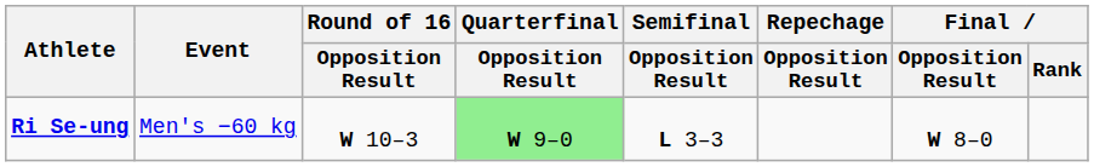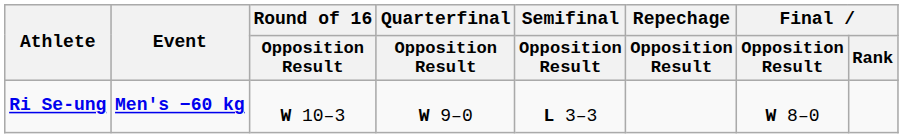 <table class="wikitable" style="font-size:90%">
 <tr>
 <th rowspan=2>Athlete</th>
 <th rowspan=2>Event</th>
 <th>Round of 16</th>
 <th>Quarterfinal</th>
 <th>Semifinal</th>
 <th>Repechage</th>
 <th colspan=2>Final / </th>
 </tr>
 <tr style="font-size: 95%">
 <th>Opposition<br>Result</th>
 <th>Opposition<br>Result</th>
 <th>Opposition<br>Result</th>
 <th>Opposition<br>Result</th>
 <th>Opposition<br>Result</th>
 <th>Rank</th>
 </tr>
 <tr align=center>
 <td align=left><strong><a href='#'>Ri Se-ung</a></strong></td>
-<td align=left><a href='#'>Men's −60 kg</a></td>
+<td align=left><strong><a href='#'>Men's −60 kg</a></strong></td>
 <td><br><strong>W</strong> 10–3</td>
-<td style="background: lightgreen;"><br><strong>W</strong> 9–0</td>
+<td><br><strong>W</strong> 9–0</td>
 <td><br><strong>L</strong> 3–3</td>
 <td></td>
 <td><br><strong>W</strong> 8–0</td>
 <td></td>
 </tr>
 </table>
